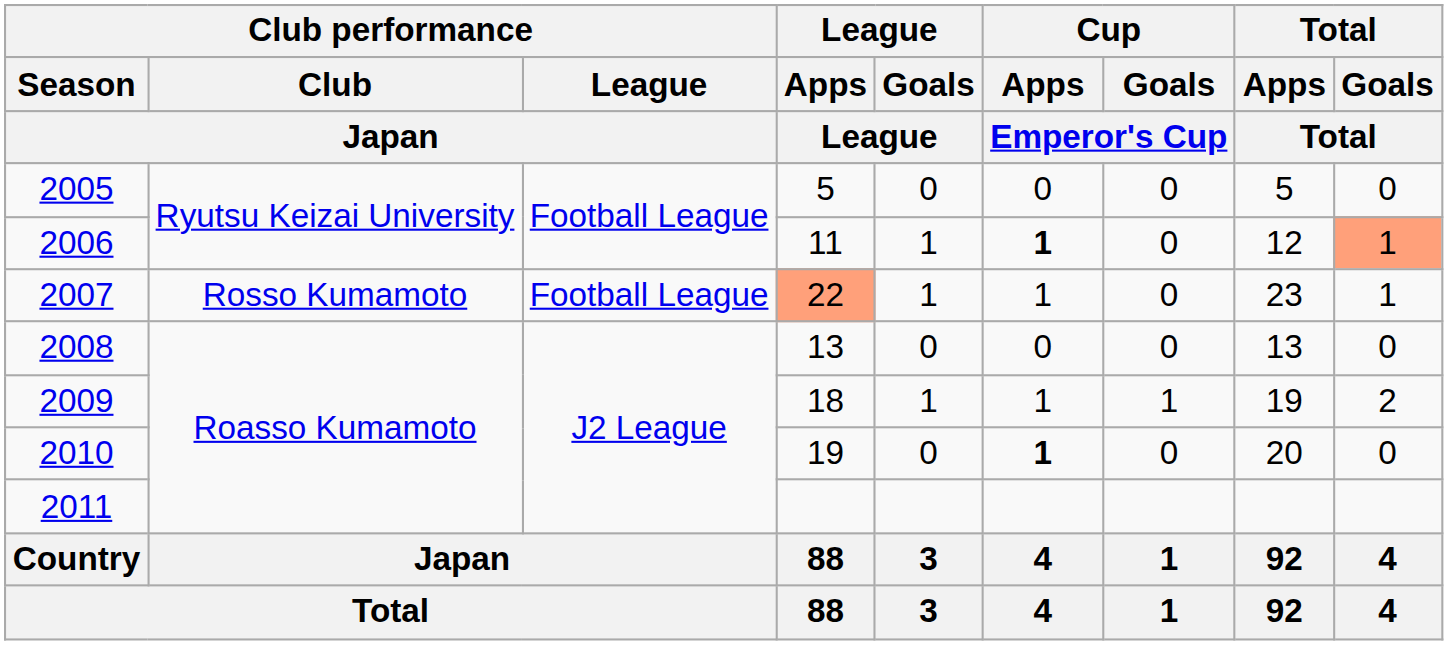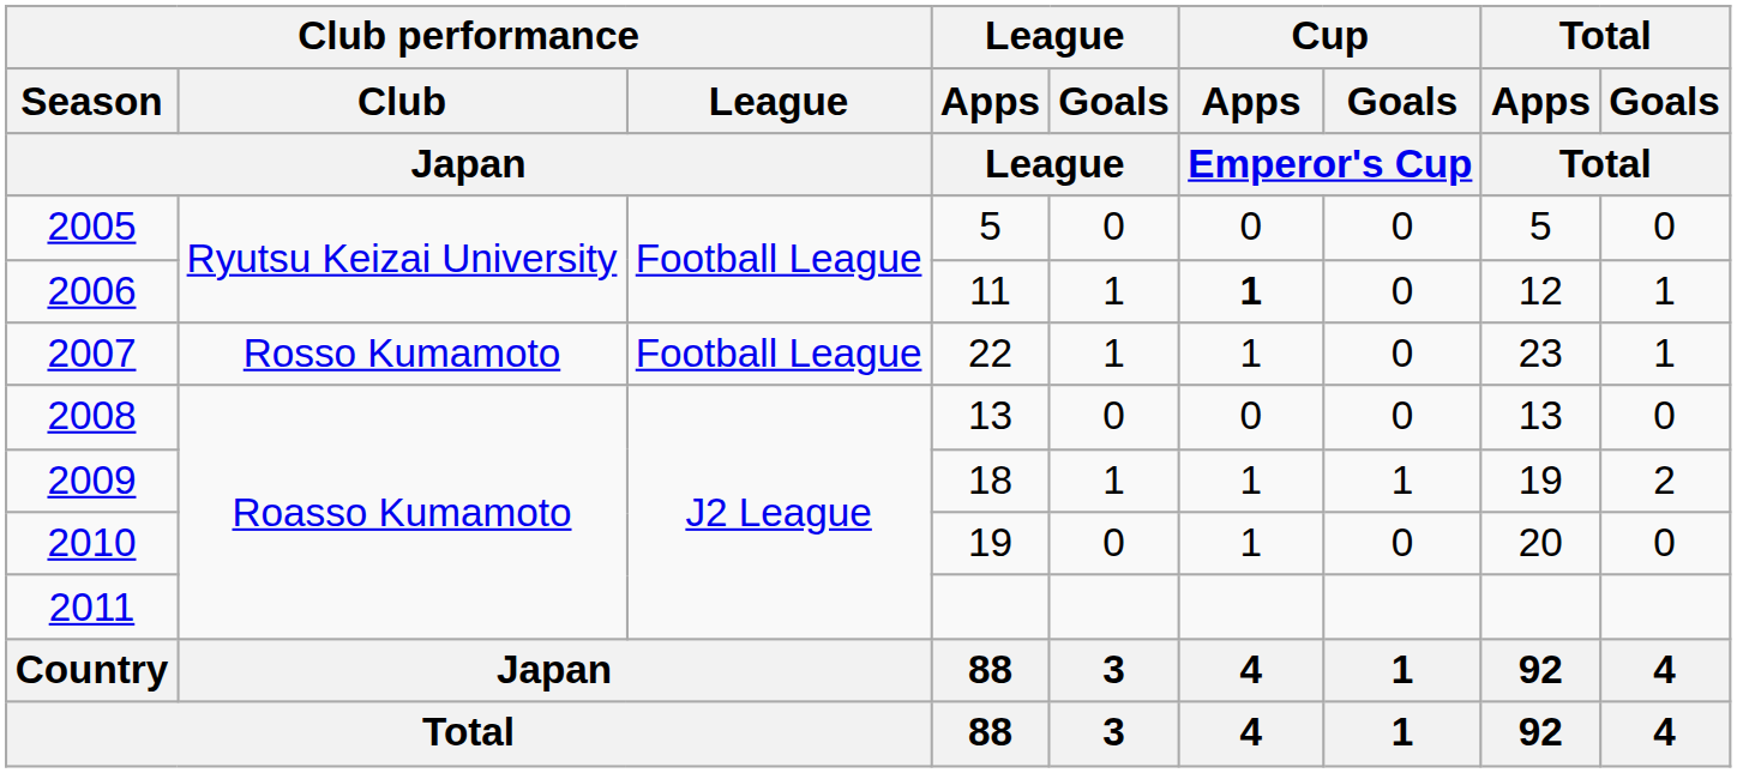 <table class="wikitable" style="text-align:center;">
 <tr>
 <th colspan=3>Club performance</th>
 <th colspan=2>League</th>
 <th colspan=2>Cup</th>
 <th colspan=2>Total</th>
 </tr>
 <tr>
 <th>Season</th>
 <th>Club</th>
 <th>League</th>
 <th>Apps</th>
 <th>Goals</th>
 <th>Apps</th>
 <th>Goals</th>
 <th>Apps</th>
 <th>Goals</th>
 </tr>
 <tr>
 <th colspan=3>Japan</th>
 <th colspan=2>League</th>
 <th colspan=2><a href='#'>Emperor's Cup</a></th>
 <th colspan=2>Total</th>
 </tr>
 <tr>
 <td><a href='#'>2005</a></td>
 <td rowspan="2"><a href='#'>Ryutsu Keizai University</a></td>
 <td rowspan="2"><a href='#'>Football League</a></td>
 <td>5</td>
 <td>0</td>
 <td>0</td>
 <td>0</td>
 <td>5</td>
 <td>0</td>
 </tr>
 <tr>
 <td><a href='#'>2006</a></td>
 <td>11</td>
 <td>1</td>
 <td><strong>1</strong></td>
 <td>0</td>
 <td>12</td>
-<td style="background: lightsalmon;">1</td>
+<td>1</td>
 </tr>
 <tr>
 <td><a href='#'>2007</a></td>
 <td><a href='#'>Rosso Kumamoto</a></td>
 <td><a href='#'>Football League</a></td>
-<td style="background: lightsalmon;">22</td>
+<td>22</td>
 <td>1</td>
 <td>1</td>
 <td>0</td>
 <td>23</td>
 <td>1</td>
 </tr>
 <tr>
 <td><a href='#'>2008</a></td>
 <td rowspan="4"><a href='#'>Roasso Kumamoto</a></td>
 <td rowspan="4"><a href='#'>J2 League</a></td>
 <td>13</td>
 <td>0</td>
 <td>0</td>
 <td>0</td>
 <td>13</td>
 <td>0</td>
 </tr>
 <tr>
 <td><a href='#'>2009</a></td>
 <td>18</td>
 <td>1</td>
 <td>1</td>
 <td>1</td>
 <td>19</td>
 <td>2</td>
 </tr>
 <tr>
 <td><a href='#'>2010</a></td>
 <td>19</td>
 <td>0</td>
-<td><strong>1</strong></td>
+<td>1</td>
 <td>0</td>
 <td>20</td>
 <td>0</td>
 </tr>
 <tr>
 <td><a href='#'>2011</a></td>
 <td></td>
 <td></td>
 <td></td>
 <td></td>
 <td></td>
 <td></td>
 </tr>
 <tr>
 <th rowspan=1>Country</th>
 <th colspan=2>Japan</th>
 <th>88</th>
 <th>3</th>
 <th>4</th>
 <th>1</th>
 <th>92</th>
 <th>4</th>
 </tr>
 <tr>
 <th colspan=3>Total</th>
 <th>88</th>
 <th>3</th>
 <th>4</th>
 <th>1</th>
 <th>92</th>
 <th>4</th>
 </tr>
 </table>
